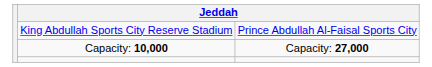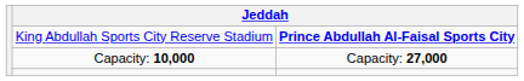 <table class="wikitable" style="margin:1em auto; text-align:center">
 <tr>
 <th rowspan="4"></th>
 <th colspan=2><a href='#'>Jeddah</a></th>
 </tr>
 <tr>
 <td><a href='#'>King Abdullah Sports City Reserve Stadium</a></td>
-<td><a href='#'>Prince Abdullah Al-Faisal Sports City</a></td>
+<td><strong><a href='#'>Prince Abdullah Al-Faisal Sports City</a></strong></td>
 </tr>
 <tr>
 <td>Capacity: <strong>10,000</strong></td>
 <td>Capacity: <strong>27,000</strong></td>
 </tr>
 <tr>
 <td></td>
 <td></td>
 </tr>
 </table>
